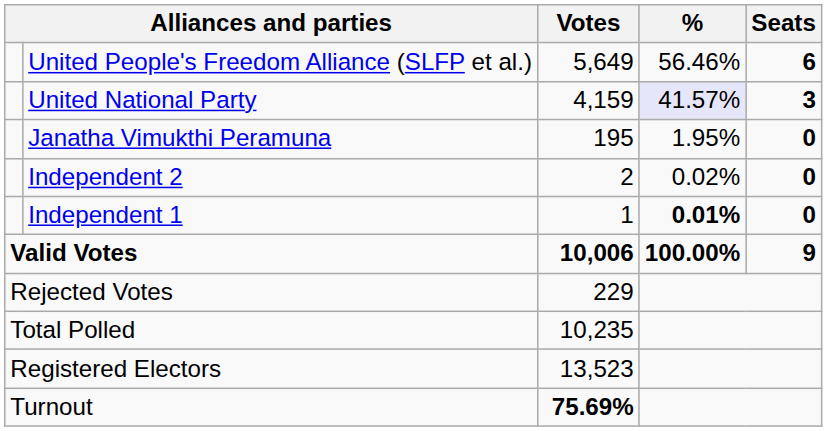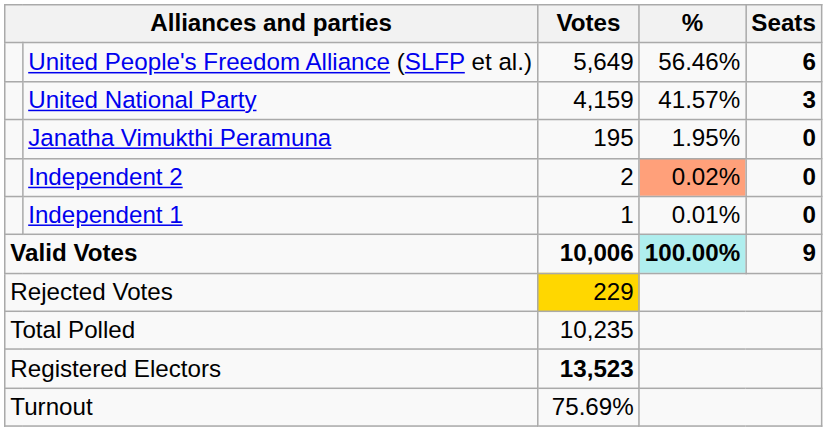 <table class="wikitable" border="1" style="text-align:right;">
 <tr>
 <th valign=bottom align=left colspan=2>Alliances and parties</th>
 <th valign=bottom align=center width="60">Votes</th>
 <th valign=bottom align=center width="50">%</th>
 <th valign=bottom align=center>Seats</th>
 </tr>
 <tr>
 <td bgcolor=> </td>
 <td align=left><a href='#'>United People's Freedom Alliance</a> (<a href='#'>SLFP</a> et al.)</td>
 <td>5,649</td>
 <td>56.46%</td>
 <td><strong>6</strong></td>
 </tr>
 <tr>
 <td bgcolor=> </td>
 <td align=left><a href='#'>United National Party</a></td>
 <td>4,159</td>
-<td style="background: lavender;">41.57%</td>
+<td>41.57%</td>
 <td><strong>3</strong></td>
 </tr>
 <tr>
 <td bgcolor=> </td>
 <td align=left><a href='#'>Janatha Vimukthi Peramuna</a></td>
 <td>195</td>
 <td>1.95%</td>
 <td><strong>0</strong></td>
 </tr>
 <tr>
 <td></td>
 <td align=left><a href='#'>Independent 2</a></td>
 <td>2</td>
-<td>0.02%</td>
+<td style="background: lightsalmon;">0.02%</td>
 <td><strong>0</strong></td>
 </tr>
 <tr>
 <td></td>
 <td align=left><a href='#'>Independent 1</a></td>
 <td>1</td>
-<td><strong>0.01%</strong></td>
+<td>0.01%</td>
 <td><strong>0</strong></td>
 </tr>
 <tr>
 <td colspan=2 align=left><strong>Valid Votes</strong></td>
 <td><strong>10,006</strong></td>
-<td><strong>100.00%</strong></td>
+<td style="background: paleturquoise;"><strong>100.00%</strong></td>
 <td><strong>9</strong></td>
 </tr>
 <tr>
 <td colspan=2 align=left>Rejected Votes</td>
-<td>229</td>
+<td style="background: gold;">229</td>
 <td colspan=2></td>
 </tr>
 <tr>
 <td colspan=2 align=left>Total Polled</td>
 <td>10,235</td>
 <td colspan=2></td>
 </tr>
 <tr>
 <td colspan=2 align=left>Registered Electors</td>
-<td>13,523</td>
+<td><strong>13,523</strong></td>
 <td colspan=2></td>
 </tr>
 <tr>
 <td colspan=2 align=left>Turnout</td>
-<td><strong>75.69%</strong></td>
+<td>75.69%</td>
 <td colspan=2></td>
 </tr>
 </table>
